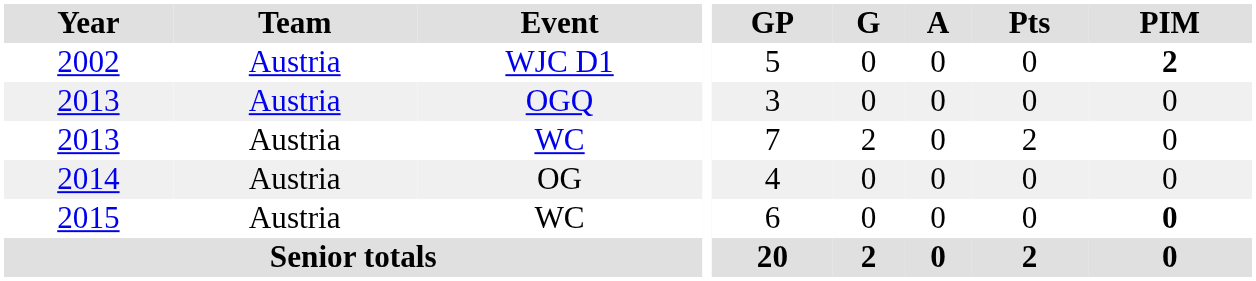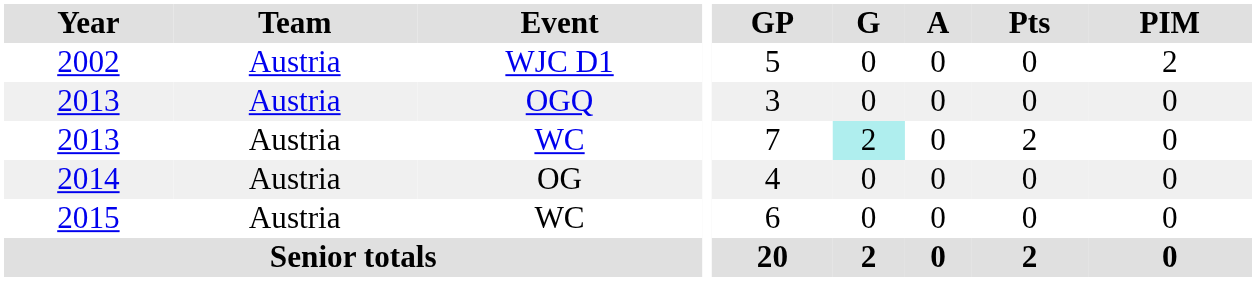 <table border="0" cellpadding="1" cellspacing="0" ID="Table3" style="text-align:center; width:40em">
 <tr ALIGN="center" bgcolor="#e0e0e0">
 <th>Year</th>
 <th>Team</th>
 <th>Event</th>
 <th rowspan="102" bgcolor="#ffffff"></th>
 <th>GP</th>
 <th>G</th>
 <th>A</th>
 <th>Pts</th>
 <th>PIM</th>
 </tr>
 <tr>
 <td><a href='#'>2002</a></td>
 <td><a href='#'>Austria</a></td>
 <td><a href='#'>WJC D1</a></td>
 <td>5</td>
 <td>0</td>
 <td>0</td>
 <td>0</td>
-<td><strong>2</strong></td>
+<td>2</td>
 </tr>
 <tr bgcolor="#f0f0f0">
 <td><a href='#'>2013</a></td>
 <td><a href='#'>Austria</a></td>
 <td><a href='#'>OGQ</a></td>
 <td>3</td>
 <td>0</td>
 <td>0</td>
 <td>0</td>
 <td>0</td>
 </tr>
 <tr>
 <td><a href='#'>2013</a></td>
 <td>Austria</td>
 <td><a href='#'>WC</a></td>
 <td>7</td>
-<td>2</td>
+<td style="background: paleturquoise;">2</td>
 <td>0</td>
 <td>2</td>
 <td>0</td>
 </tr>
 <tr bgcolor="#f0f0f0">
 <td><a href='#'>2014</a></td>
 <td>Austria</td>
 <td>OG</td>
 <td>4</td>
 <td>0</td>
 <td>0</td>
 <td>0</td>
 <td>0</td>
 </tr>
 <tr>
 <td><a href='#'>2015</a></td>
 <td>Austria</td>
 <td>WC</td>
 <td>6</td>
 <td>0</td>
 <td>0</td>
 <td>0</td>
-<td><strong>0</strong></td>
+<td>0</td>
 </tr>
 <tr bgcolor="#e0e0e0">
 <th colspan=3>Senior totals</th>
 <th>20</th>
 <th>2</th>
 <th>0</th>
 <th>2</th>
 <th>0</th>
 </tr>
 </table>
